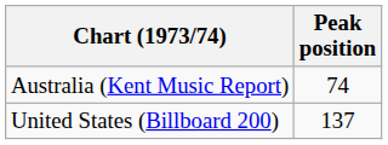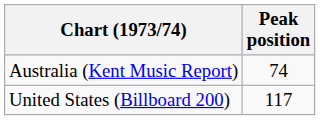 <table class="wikitable">
 <tr>
 <th scope="col">Chart (1973/74)</th>
 <th>Peak<br>position</th>
 </tr>
 <tr>
 <td>Australia (<a href='#'>Kent Music Report</a>)</td>
 <td style="text-align:center;">74</td>
 </tr>
 <tr>
 <td>United States (<a href='#'>Billboard 200</a>)</td>
-<td style="text-align:center;">137</td>
+<td style="text-align:center;">117</td>
 </tr>
 </table>
